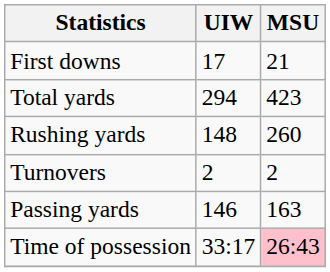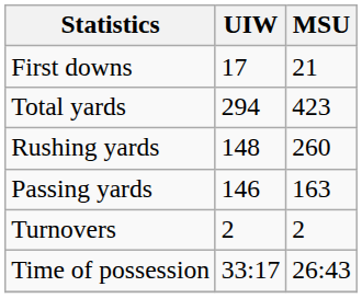 <table class="wikitable">
 <tr>
 <th>Statistics</th>
 <th>UIW</th>
 <th>MSU</th>
 </tr>
 <tr>
 <td>First downs</td>
 <td>17</td>
 <td>21</td>
 </tr>
 <tr>
 <td>Total yards</td>
 <td>294</td>
 <td>423</td>
 </tr>
 <tr>
 <td>Rushing yards</td>
 <td>148</td>
 <td>260</td>
 </tr>
 <tr>
+<td>Passing yards</td>
+<td>146</td>
+<td>163</td>
+</tr>
+<tr>
 <td>Turnovers</td>
 <td>2</td>
 <td>2</td>
 </tr>
 <tr>
-<td>Passing yards</td>
-<td>146</td>
-<td>163</td>
-</tr>
-<tr>
 <td>Time of possession</td>
 <td>33:17</td>
-<td style="background: pink;">26:43</td>
+<td>26:43</td>
 </tr>
 <tr>
 </tr>
 </table>
